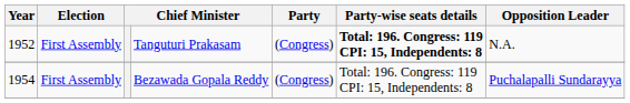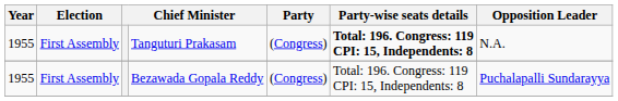 <table class="wikitable">
 <tr>
 <th>Year</th>
 <th>Election</th>
 <th Colspan=2>Chief Minister</th>
 <th>Party</th>
 <th>Party-wise seats details</th>
 <th>Opposition Leader</th>
 </tr>
 <tr>
-<td>1952</td>
+<td>1955</td>
 <td><a href='#'>First Assembly</a></td>
 <th style="background-color: "></th>
 <td><a href='#'>Tanguturi Prakasam</a></td>
 <td>(<a href='#'>Congress</a>)</td>
 <td><strong>Total: 196. Congress: 119 <br>CPI: 15, Independents: 8</strong></td>
 <td>N.A.</td>
 </tr>
 <tr --->
 </tr>
 <tr>
-<td>1954</td>
+<td>1955</td>
 <td><a href='#'>First Assembly</a></td>
 <th style="background-color: "></th>
 <td><a href='#'>Bezawada Gopala Reddy</a></td>
 <td>(<a href='#'>Congress</a>)</td>
 <td>Total: 196. Congress: 119 <br>CPI: 15, Independents: 8</td>
 <td><a href='#'>Puchalapalli Sundarayya</a></td>
 </tr>
 <tr --->
 </tr>
 </table>
